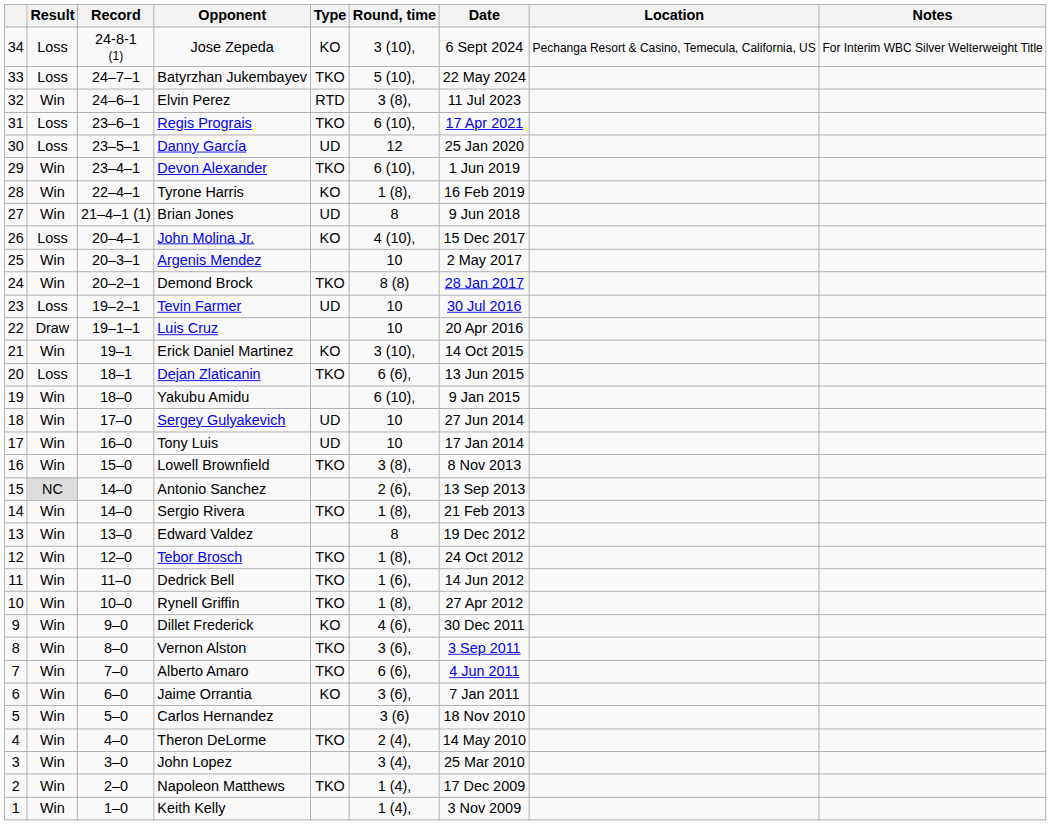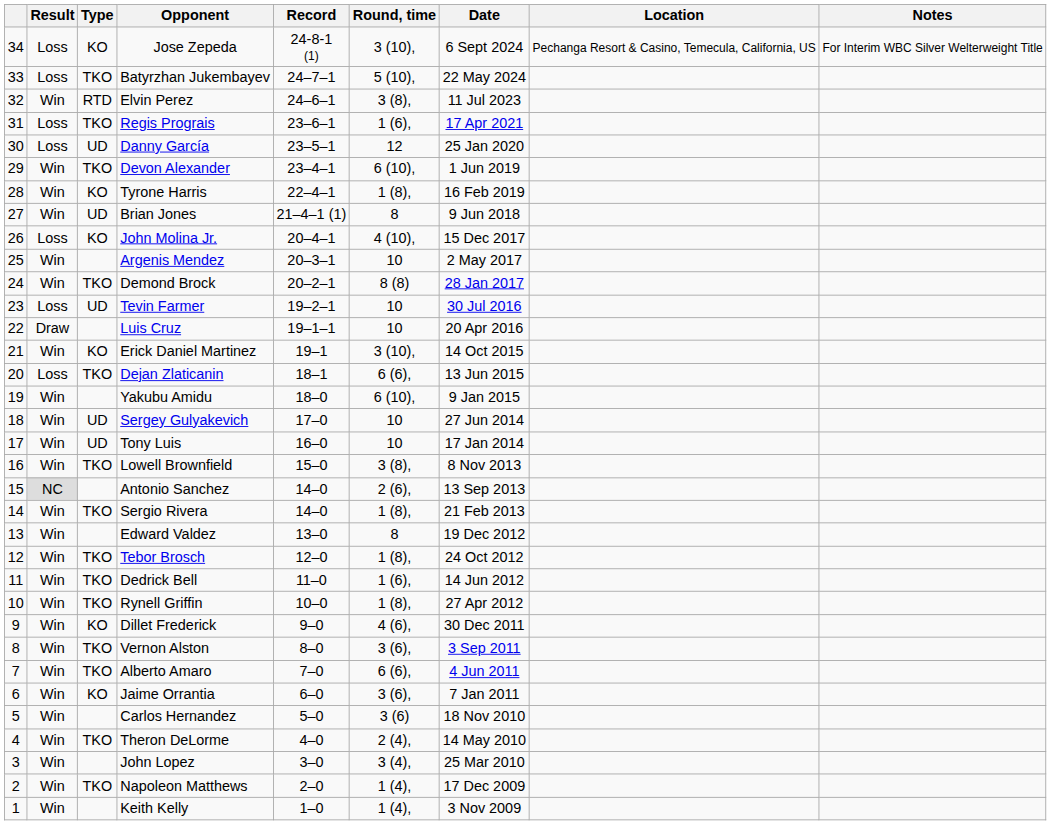 <table class="wikitable" style="text-align:center">
 <tr>
 <th></th>
 <th>Result</th>
+<th>Type</th>
+<th>Opponent</th>
 <th>Record</th>
-<th>Opponent</th>
-<th>Type</th>
 <th>Round, time</th>
 <th>Date</th>
 <th>Location</th>
 <th>Notes</th>
 </tr>
 <tr>
 <td>34</td>
 <td>Loss</td>
+<td>KO</td>
+<td>Jose Zepeda</td>
 <td>24-8-1<br><small>(1)</small></td>
-<td>Jose Zepeda</td>
-<td>KO</td>
 <td>3 (10), </td>
 <td>6 Sept 2024</td>
 <td><small>Pechanga Resort & Casino, Temecula, California, US</small></td>
 <td><small>For Interim WBC Silver Welterweight Title</small></td>
 </tr>
 <tr>
 <td>33</td>
 <td>Loss</td>
+<td>TKO</td>
+<td align="left">Batyrzhan Jukembayev</td>
 <td>24–7–1 </td>
-<td align="left">Batyrzhan Jukembayev</td>
-<td>TKO</td>
 <td>5 (10), </td>
 <td>22 May 2024</td>
 <td style="text-align:left;"></td>
 <td></td>
 </tr>
 <tr>
 <td>32</td>
 <td>Win</td>
+<td>RTD</td>
+<td align="left">Elvin Perez</td>
 <td>24–6–1 </td>
-<td align="left">Elvin Perez</td>
-<td>RTD</td>
 <td>3 (8), </td>
 <td>11 Jul 2023</td>
 <td style="text-align:left;"></td>
 <td></td>
 </tr>
 <tr>
 <td>31</td>
 <td>Loss</td>
+<td>TKO</td>
+<td align="left"><a href='#'>Regis Prograis</a></td>
 <td>23–6–1 </td>
-<td align="left"><a href='#'>Regis Prograis</a></td>
-<td>TKO</td>
-<td>6 (10), </td>
+<td>1 (6), </td>
 <td><a href='#'>17 Apr 2021</a></td>
 <td style="text-align:left;"></td>
 <td align="left"></td>
 </tr>
 <tr>
 <td>30</td>
 <td>Loss</td>
+<td>UD</td>
+<td align=left><a href='#'>Danny García</a></td>
 <td>23–5–1 </td>
-<td align=left><a href='#'>Danny García</a></td>
-<td>UD</td>
 <td>12</td>
 <td>25 Jan 2020</td>
 <td align=left></td>
 <td align=left></td>
 </tr>
 <tr>
 <td>29</td>
 <td>Win</td>
+<td>TKO</td>
+<td style="text-align:left;"><a href='#'>Devon Alexander</a></td>
 <td>23–4–1 </td>
-<td style="text-align:left;"><a href='#'>Devon Alexander</a></td>
-<td>TKO</td>
 <td>6 (10), </td>
 <td>1 Jun 2019</td>
 <td style="text-align:left;"></td>
 <td></td>
 </tr>
 <tr>
 <td>28</td>
 <td>Win</td>
+<td>KO</td>
+<td style="text-align:left;">Tyrone Harris</td>
 <td>22–4–1 </td>
-<td style="text-align:left;">Tyrone Harris</td>
-<td>KO</td>
 <td>1 (8), </td>
 <td>16 Feb 2019</td>
 <td style="text-align:left;"></td>
 <td></td>
 </tr>
 <tr>
 <td>27</td>
 <td>Win</td>
+<td>UD</td>
+<td style="text-align:left;">Brian Jones</td>
 <td>21–4–1 (1)</td>
-<td style="text-align:left;">Brian Jones</td>
-<td>UD</td>
 <td>8</td>
 <td>9 Jun 2018</td>
 <td style="text-align:left;"></td>
 <td></td>
 </tr>
 <tr>
 <td>26</td>
 <td>Loss</td>
+<td>KO</td>
+<td style="text-align:left;"><a href='#'>John Molina Jr.</a></td>
 <td>20–4–1 </td>
-<td style="text-align:left;"><a href='#'>John Molina Jr.</a></td>
-<td>KO</td>
 <td>4 (10), </td>
 <td>15 Dec 2017</td>
 <td style="text-align:left;"></td>
 <td></td>
 </tr>
 <tr>
 <td>25</td>
 <td>Win</td>
+<td></td>
+<td align=left><a href='#'>Argenis Mendez</a></td>
 <td>20–3–1 </td>
-<td align=left><a href='#'>Argenis Mendez</a></td>
-<td></td>
 <td>10</td>
 <td>2 May 2017</td>
 <td align=left></td>
 <td></td>
 </tr>
 <tr>
 <td>24</td>
 <td>Win</td>
+<td>TKO</td>
+<td align=left>Demond Brock</td>
 <td>20–2–1 </td>
-<td align=left>Demond Brock</td>
-<td>TKO</td>
 <td>8 (8)</td>
 <td><a href='#'>28 Jan 2017</a></td>
 <td align=left></td>
 <td></td>
 </tr>
 <tr>
 <td>23</td>
 <td>Loss</td>
+<td>UD</td>
+<td align=left><a href='#'>Tevin Farmer</a></td>
 <td>19–2–1 </td>
-<td align=left><a href='#'>Tevin Farmer</a></td>
-<td>UD</td>
 <td>10</td>
 <td><a href='#'>30 Jul 2016</a></td>
 <td align=left></td>
 <td></td>
 </tr>
 <tr>
 <td>22</td>
 <td>Draw</td>
+<td></td>
+<td align=left><a href='#'>Luis Cruz</a></td>
 <td>19–1–1 </td>
-<td align=left><a href='#'>Luis Cruz</a></td>
-<td></td>
 <td>10</td>
 <td>20 Apr 2016</td>
 <td align=left></td>
 <td></td>
 </tr>
 <tr>
 <td>21</td>
 <td>Win</td>
+<td>KO</td>
+<td align=left>Erick Daniel Martinez</td>
 <td>19–1 </td>
-<td align=left>Erick Daniel Martinez</td>
-<td>KO</td>
 <td>3 (10), </td>
 <td>14 Oct 2015</td>
 <td align=left></td>
 <td></td>
 </tr>
 <tr>
 <td>20</td>
 <td>Loss</td>
+<td>TKO</td>
+<td align=left><a href='#'>Dejan Zlaticanin</a></td>
 <td>18–1 </td>
-<td align=left><a href='#'>Dejan Zlaticanin</a></td>
-<td>TKO</td>
 <td>6 (6), </td>
 <td>13 Jun 2015</td>
 <td align=left></td>
 <td></td>
 </tr>
 <tr>
 <td>19</td>
 <td>Win</td>
+<td></td>
+<td align=left>Yakubu Amidu</td>
 <td>18–0 </td>
-<td align=left>Yakubu Amidu</td>
-<td></td>
 <td>6 (10), </td>
 <td>9 Jan 2015</td>
 <td align=left></td>
 <td></td>
 </tr>
 <tr>
 <td>18</td>
 <td>Win</td>
+<td>UD</td>
+<td align=left><a href='#'>Sergey Gulyakevich</a></td>
 <td>17–0 </td>
-<td align=left><a href='#'>Sergey Gulyakevich</a></td>
-<td>UD</td>
 <td>10</td>
 <td>27 Jun 2014</td>
 <td align=left></td>
 <td></td>
 </tr>
 <tr>
 <td>17</td>
 <td>Win</td>
+<td>UD</td>
+<td align=left>Tony Luis</td>
 <td>16–0 </td>
-<td align=left>Tony Luis</td>
-<td>UD</td>
 <td>10</td>
 <td>17 Jan 2014</td>
 <td align=left></td>
 <td align=left></td>
 </tr>
 <tr>
 <td>16</td>
 <td>Win</td>
+<td>TKO</td>
+<td align=left>Lowell Brownfield</td>
 <td>15–0 </td>
-<td align=left>Lowell Brownfield</td>
-<td>TKO</td>
 <td>3 (8), </td>
 <td>8 Nov 2013</td>
 <td align=left></td>
 <td></td>
 </tr>
 <tr>
 <td>15</td>
 <td style="background:#ddd;">NC</td>
+<td></td>
+<td align=left>Antonio Sanchez</td>
 <td>14–0 </td>
-<td align=left>Antonio Sanchez</td>
-<td></td>
 <td>2 (6), </td>
 <td>13 Sep 2013</td>
 <td align=left></td>
 <td></td>
 </tr>
 <tr>
 <td>14</td>
 <td>Win</td>
+<td>TKO</td>
+<td align=left>Sergio Rivera</td>
 <td>14–0</td>
-<td align=left>Sergio Rivera</td>
-<td>TKO</td>
 <td>1 (8), </td>
 <td>21 Feb 2013</td>
 <td align=left></td>
 <td align=left></td>
 </tr>
 <tr>
 <td>13</td>
 <td>Win</td>
+<td></td>
+<td align=left>Edward Valdez</td>
 <td>13–0</td>
-<td align=left>Edward Valdez</td>
-<td></td>
 <td>8</td>
 <td>19 Dec 2012</td>
 <td align=left></td>
 <td align=left></td>
 </tr>
 <tr>
 <td>12</td>
 <td>Win</td>
+<td>TKO</td>
+<td align=left><a href='#'>Tebor Brosch</a></td>
 <td>12–0</td>
-<td align=left><a href='#'>Tebor Brosch</a></td>
-<td>TKO</td>
 <td>1 (8), </td>
 <td>24 Oct 2012</td>
 <td align=left></td>
 <td align=left></td>
 </tr>
 <tr>
 <td>11</td>
 <td>Win</td>
+<td>TKO</td>
+<td align=left>Dedrick Bell</td>
 <td>11–0</td>
-<td align=left>Dedrick Bell</td>
-<td>TKO</td>
 <td>1 (6), </td>
 <td>14 Jun 2012</td>
 <td align=left></td>
 <td></td>
 </tr>
 <tr>
 <td>10</td>
 <td>Win</td>
+<td>TKO</td>
+<td align=left>Rynell Griffin</td>
 <td>10–0</td>
-<td align=left>Rynell Griffin</td>
-<td>TKO</td>
 <td>1 (8), </td>
 <td>27 Apr 2012</td>
 <td align=left></td>
 <td></td>
 </tr>
 <tr>
 <td>9</td>
 <td>Win</td>
+<td>KO</td>
+<td align=left>Dillet Frederick</td>
 <td>9–0</td>
-<td align=left>Dillet Frederick</td>
-<td>KO</td>
 <td>4 (6), </td>
 <td>30 Dec 2011</td>
 <td align=left></td>
 <td></td>
 </tr>
 <tr>
 <td>8</td>
 <td>Win</td>
+<td>TKO</td>
+<td align=left>Vernon Alston</td>
 <td>8–0</td>
-<td align=left>Vernon Alston</td>
-<td>TKO</td>
 <td>3 (6), </td>
 <td><a href='#'>3 Sep 2011</a></td>
 <td align=left></td>
 <td align=left></td>
 </tr>
 <tr>
 <td>7</td>
 <td>Win</td>
+<td>TKO</td>
+<td align=left>Alberto Amaro</td>
 <td>7–0</td>
-<td align=left>Alberto Amaro</td>
-<td>TKO</td>
 <td>6 (6), </td>
 <td><a href='#'>4 Jun 2011</a></td>
 <td align=left></td>
 <td></td>
 </tr>
 <tr>
 <td>6</td>
 <td>Win</td>
+<td>KO</td>
+<td align=left>Jaime Orrantia</td>
 <td>6–0</td>
-<td align=left>Jaime Orrantia</td>
-<td>KO</td>
 <td>3 (6), </td>
 <td>7 Jan 2011</td>
 <td align=left></td>
 <td align=left></td>
 </tr>
 <tr>
 <td>5</td>
 <td>Win</td>
+<td></td>
+<td align=left>Carlos Hernandez</td>
 <td>5–0</td>
-<td align=left>Carlos Hernandez</td>
-<td></td>
 <td>3 (6)</td>
 <td>18 Nov 2010</td>
 <td align=left></td>
 <td></td>
 </tr>
 <tr>
 <td>4</td>
 <td>Win</td>
+<td>TKO</td>
+<td align=left>Theron DeLorme</td>
 <td>4–0</td>
-<td align=left>Theron DeLorme</td>
-<td>TKO</td>
 <td>2 (4), </td>
 <td>14 May 2010</td>
 <td align=left></td>
 <td></td>
 </tr>
 <tr>
 <td>3</td>
 <td>Win</td>
+<td></td>
+<td align=left>John Lopez</td>
 <td>3–0</td>
-<td align=left>John Lopez</td>
-<td></td>
 <td>3 (4), </td>
 <td>25 Mar 2010</td>
 <td align=left></td>
 <td></td>
 </tr>
 <tr>
 <td>2</td>
 <td>Win</td>
+<td>TKO</td>
+<td align=left>Napoleon Matthews</td>
 <td>2–0</td>
-<td align=left>Napoleon Matthews</td>
-<td>TKO</td>
 <td>1 (4), </td>
 <td>17 Dec 2009</td>
 <td align=left></td>
 <td></td>
 </tr>
 <tr>
 <td>1</td>
 <td>Win</td>
+<td></td>
+<td align=left>Keith Kelly</td>
 <td>1–0</td>
-<td align=left>Keith Kelly</td>
-<td></td>
 <td>1 (4), </td>
 <td>3 Nov 2009</td>
 <td align=left></td>
 <td></td>
 </tr>
 </table>
